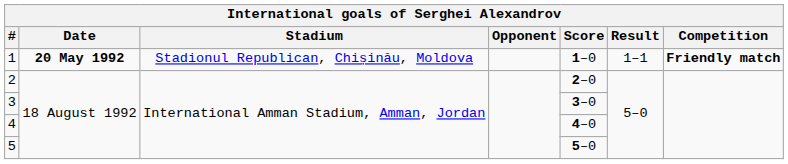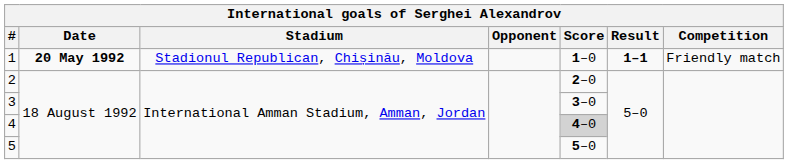 <table class="wikitable" style="text-align:center; font-size:95%;">
 <tr>
 <th colspan=7>International goals of Serghei Alexandrov</th>
 </tr>
 <tr>
 <th>#</th>
 <th>Date</th>
 <th>Stadium</th>
 <th>Opponent</th>
 <th>Score</th>
 <th>Result</th>
 <th>Competition</th>
 </tr>
 <tr>
 <td>1</td>
 <td><strong>20 May 1992</strong></td>
 <td><a href='#'>Stadionul Republican</a>, <a href='#'>Chișinău</a>, <a href='#'>Moldova</a></td>
 <td></td>
 <td><strong>1</strong>–0</td>
-<td>1–1</td>
-<td><strong>Friendly match</strong></td>
+<td><strong>1–1</strong></td>
+<td>Friendly match</td>
 </tr>
 <tr>
 <td>2</td>
 <td rowspan=4>18 August 1992</td>
 <td rowspan=4>International Amman Stadium, <a href='#'>Amman</a>, <a href='#'>Jordan</a></td>
 <td rowspan=4></td>
 <td><strong>2</strong>–0</td>
 <td rowspan=4>5–0</td>
 <td rowspan=4></td>
 </tr>
 <tr>
 <td>3</td>
 <td><strong>3</strong>–0</td>
 </tr>
 <tr>
 <td>4</td>
-<td><strong>4</strong>–0</td>
+<td style="background: lightgrey;"><strong>4</strong>–0</td>
 </tr>
 <tr>
 <td>5</td>
 <td><strong>5</strong>–0</td>
 </tr>
 </table>
